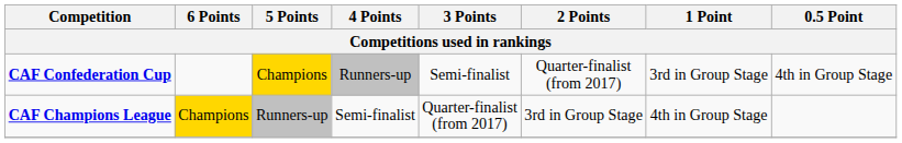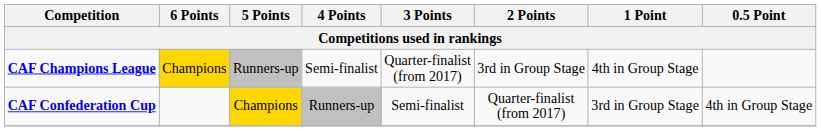 <table class="wikitable" style="text-align: center;">
 <tr>
 <th>Competition</th>
 <th>6 Points</th>
 <th>5 Points</th>
 <th>4 Points</th>
 <th>3 Points</th>
 <th>2 Points</th>
 <th>1 Point</th>
 <th>0.5 Point</th>
 </tr>
 <tr>
 <th colspan=8>Competitions used in rankings</th>
 </tr>
 <tr>
+<td align=left><strong><a href='#'>CAF Champions League</a></strong></td>
+<td bgcolor=gold>Champions</td>
+<td bgcolor=silver>Runners-up</td>
+<td>Semi-finalist</td>
+<td>Quarter-finalist<br>(from 2017)</td>
+<td>3rd in Group Stage</td>
+<td>4th in Group Stage</td>
+<td></td>
+</tr>
+<tr>
 <td align=left><strong><a href='#'>CAF Confederation Cup</a></strong></td>
 <td></td>
 <td bgcolor=gold>Champions</td>
 <td bgcolor=silver>Runners-up</td>
 <td>Semi-finalist</td>
 <td>Quarter-finalist<br>(from 2017)</td>
 <td>3rd in Group Stage</td>
 <td>4th in Group Stage</td>
 </tr>
 <tr>
-<td align=left><strong><a href='#'>CAF Champions League</a></strong></td>
-<td bgcolor=gold>Champions</td>
-<td bgcolor=silver>Runners-up</td>
-<td>Semi-finalist</td>
-<td>Quarter-finalist<br>(from 2017)</td>
-<td>3rd in Group Stage</td>
-<td>4th in Group Stage</td>
-<td></td>
-</tr>
-<tr>
 </tr>
 </table>
